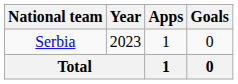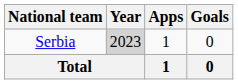 <table class="wikitable" style="text-align:center">
 <tr>
 <th>National team</th>
 <th>Year</th>
 <th>Apps</th>
 <th>Goals</th>
 </tr>
 <tr>
 <td><a href='#'>Serbia</a></td>
-<td>2023</td>
+<td style="background: lightgrey;">2023</td>
 <td>1</td>
 <td>0</td>
 </tr>
 <tr>
 <th colspan="2">Total</th>
 <th>1</th>
 <th>0</th>
 </tr>
 </table>
